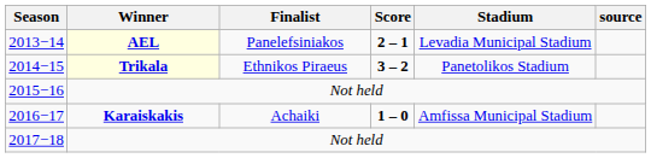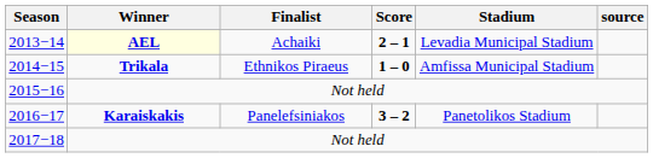 <table class="wikitable" style="text-align: center;">
 <tr>
 <th>Season</th>
 <th width=150>Winner</th>
 <th width=150>Finalist</th>
 <th>Score</th>
 <th>Stadium</th>
 <th>source</th>
 </tr>
 <tr>
 <td><a href='#'>2013−14</a></td>
 <td style="background: lightyellow;"><strong><a href='#'>AEL</a></strong></td>
-<td><a href='#'>Panelefsiniakos</a></td>
+<td><a href='#'>Achaiki</a></td>
 <td><strong>2 – 1</strong></td>
 <td><a href='#'>Levadia Municipal Stadium</a></td>
 <td></td>
 </tr>
 <tr>
 <td><a href='#'>2014−15</a></td>
-<td style="background: lightyellow;"><strong><a href='#'>Trikala</a></strong></td>
+<td><strong><a href='#'>Trikala</a></strong></td>
 <td><a href='#'>Ethnikos Piraeus</a></td>
-<td><strong>3 – 2</strong></td>
-<td><a href='#'>Panetolikos Stadium</a></td>
+<td><strong>1 – 0</strong></td>
+<td><a href='#'>Amfissa Municipal Stadium</a></td>
 <td></td>
 </tr>
 <tr>
 <td><a href='#'>2015−16</a></td>
 <td colspan=5><em>Not held</em></td>
 </tr>
 <tr>
 <td><a href='#'>2016−17</a></td>
 <td><strong><a href='#'>Karaiskakis</a></strong></td>
-<td><a href='#'>Achaiki</a></td>
-<td><strong>1 – 0</strong></td>
-<td><a href='#'>Amfissa Municipal Stadium</a></td>
+<td><a href='#'>Panelefsiniakos</a></td>
+<td><strong>3 – 2</strong></td>
+<td><a href='#'>Panetolikos Stadium</a></td>
 <td></td>
 </tr>
 <tr>
 <td><a href='#'>2017−18</a></td>
 <td colspan=5><em>Not held</em></td>
 </tr>
 </table>
